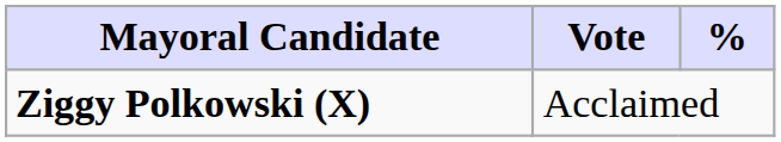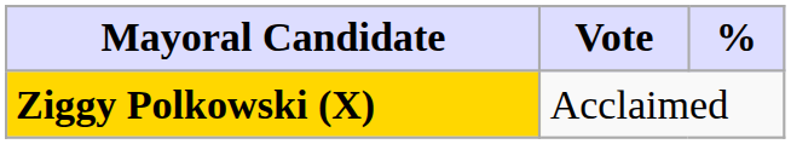 <table class="wikitable">
 <tr>
 <th style="background:#ddf; width:200px;">Mayoral Candidate </th>
 <th style="background:#ddf; width:50px;">Vote</th>
 <th style="background:#ddf; width:30px;">%</th>
 </tr>
 <tr>
-<td><strong>Ziggy Polkowski (X)</strong></td>
+<td style="background: gold;"><strong>Ziggy Polkowski (X)</strong></td>
 <td colspan="2">Acclaimed</td>
 </tr>
 </table>
